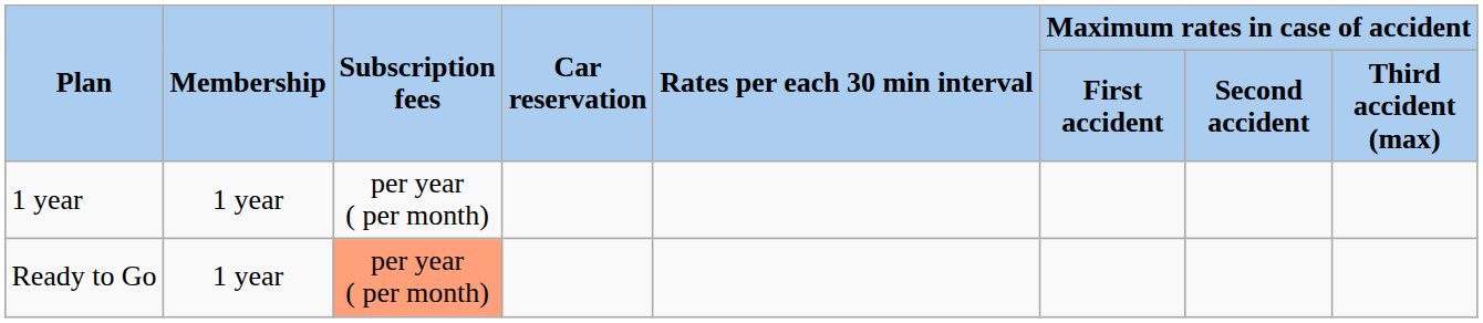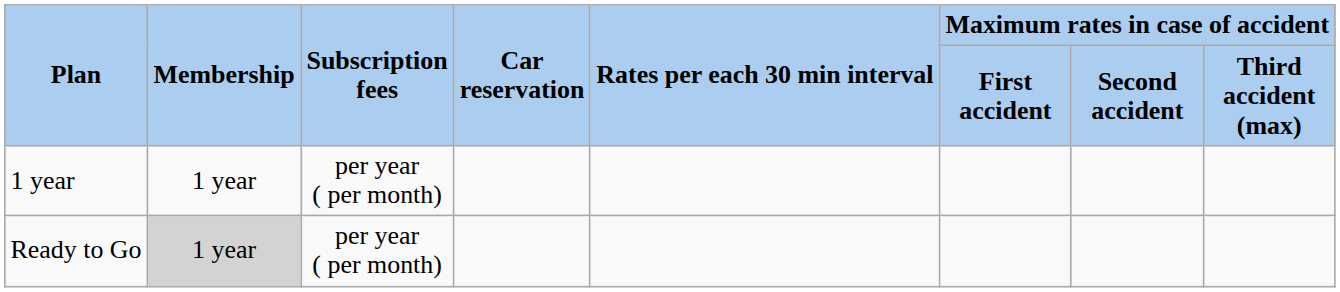 <table class="wikitable" style="margin: 1em auto 1em auto">
 <tr align="center">
 <th rowspan="2" style="background:#abcdef;">Plan</th>
 <th rowspan="2" style="background:#abcdef;">Membership</th>
 <th rowspan="2" style="background:#abcdef;">Subscription<br> fees</th>
 <th rowspan="2" style="background:#abcdef;">Car<br>reservation</th>
 <th rowspan="2" style="background:#abcdef;">Rates per each 30 min interval</th>
 <th colspan="3" style="background:#abcdef;">Maximum rates in case of accident</th>
 </tr>
 <tr>
 <th style="background:#abcdef;">First<br>accident</th>
 <th style="background:#abcdef;">Second<br>accident</th>
 <th style="background:#abcdef;">Third<br>accident<br>(max)</th>
 </tr>
 <tr align="center">
 <td align="left">1 year</td>
 <td>1 year</td>
 <td> per year<br>( per month)</td>
 <td></td>
 <td></td>
 <td></td>
 <td></td>
 <td></td>
 </tr>
 <tr align="center">
 <td align="left">Ready to Go</td>
-<td>1 year</td>
-<td style="background: lightsalmon;"> per year<br>( per month)</td>
+<td style="background: lightgrey;">1 year</td>
+<td> per year<br>( per month)</td>
 <td></td>
 <td></td>
 <td></td>
 <td></td>
 <td></td>
 </tr>
 </table>
